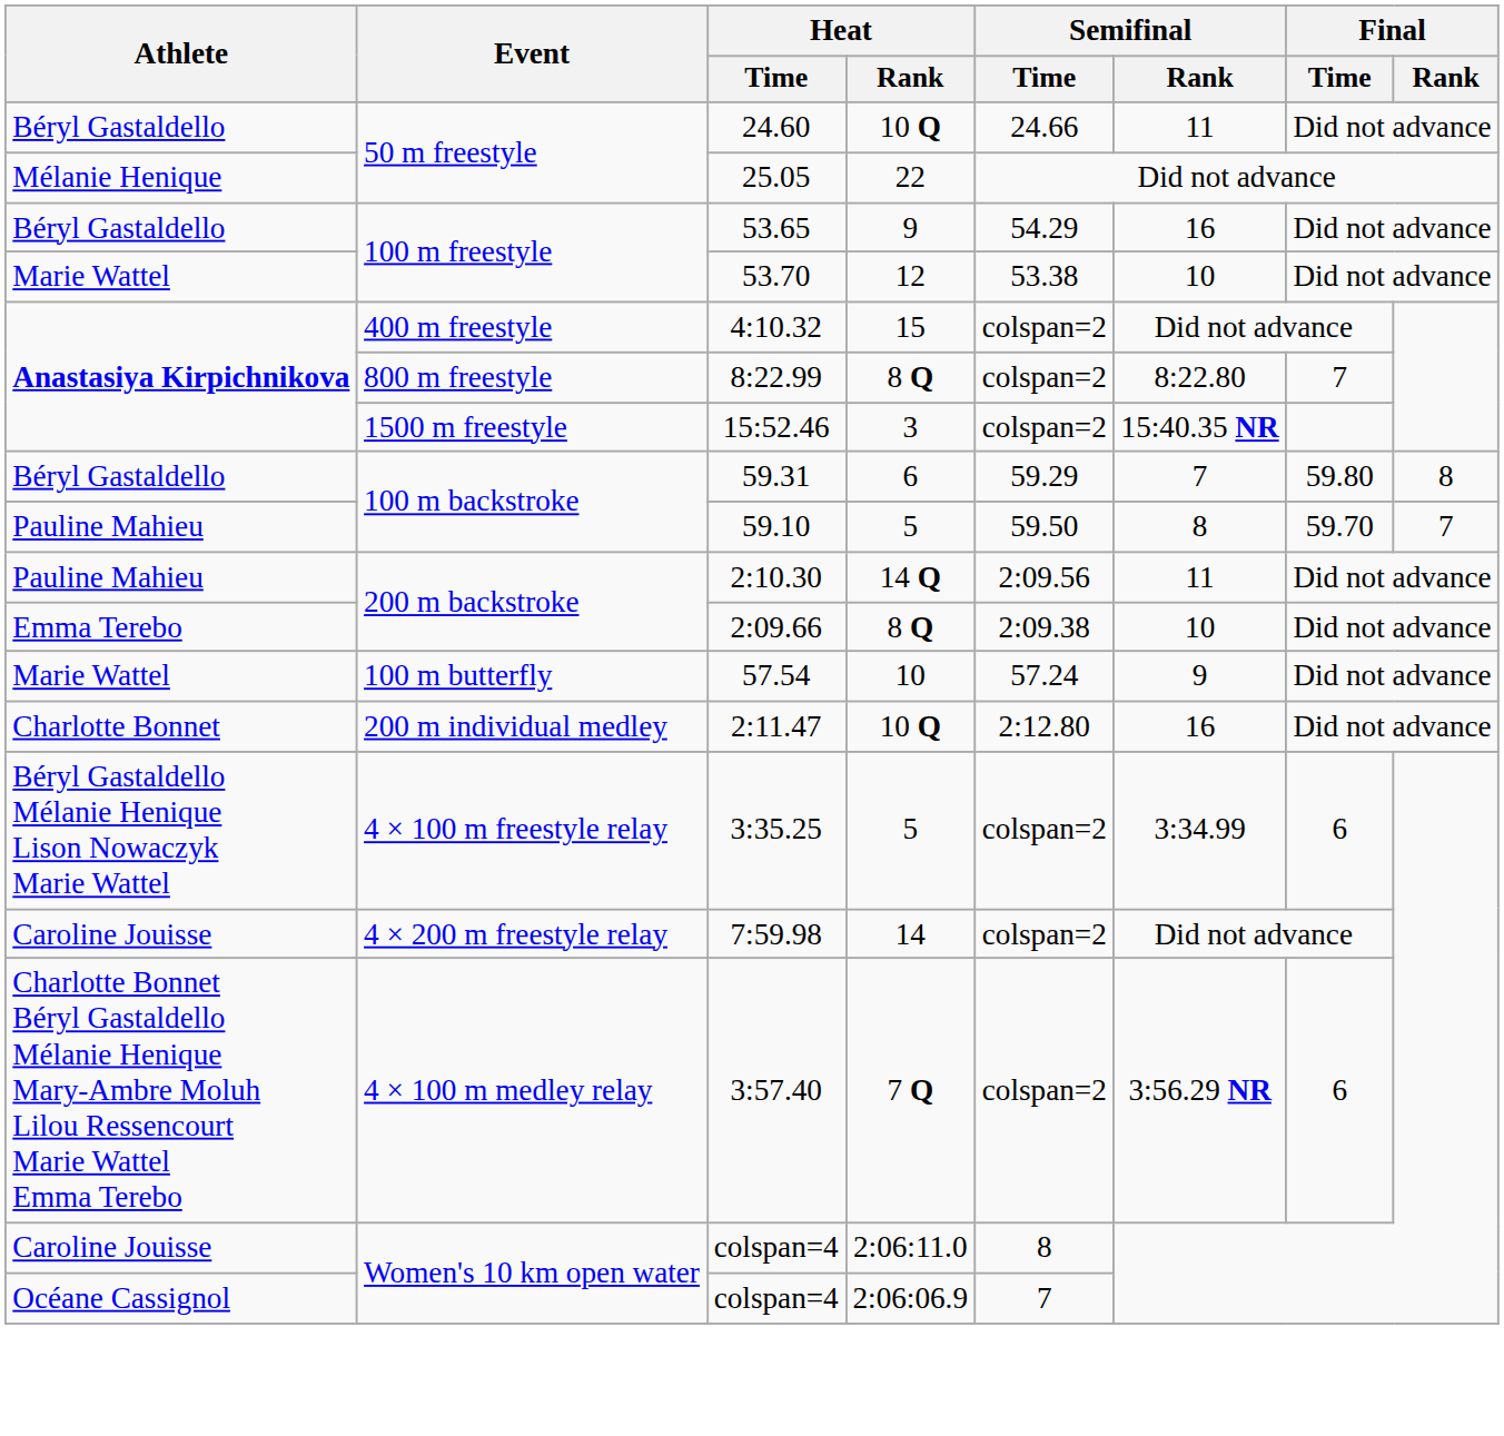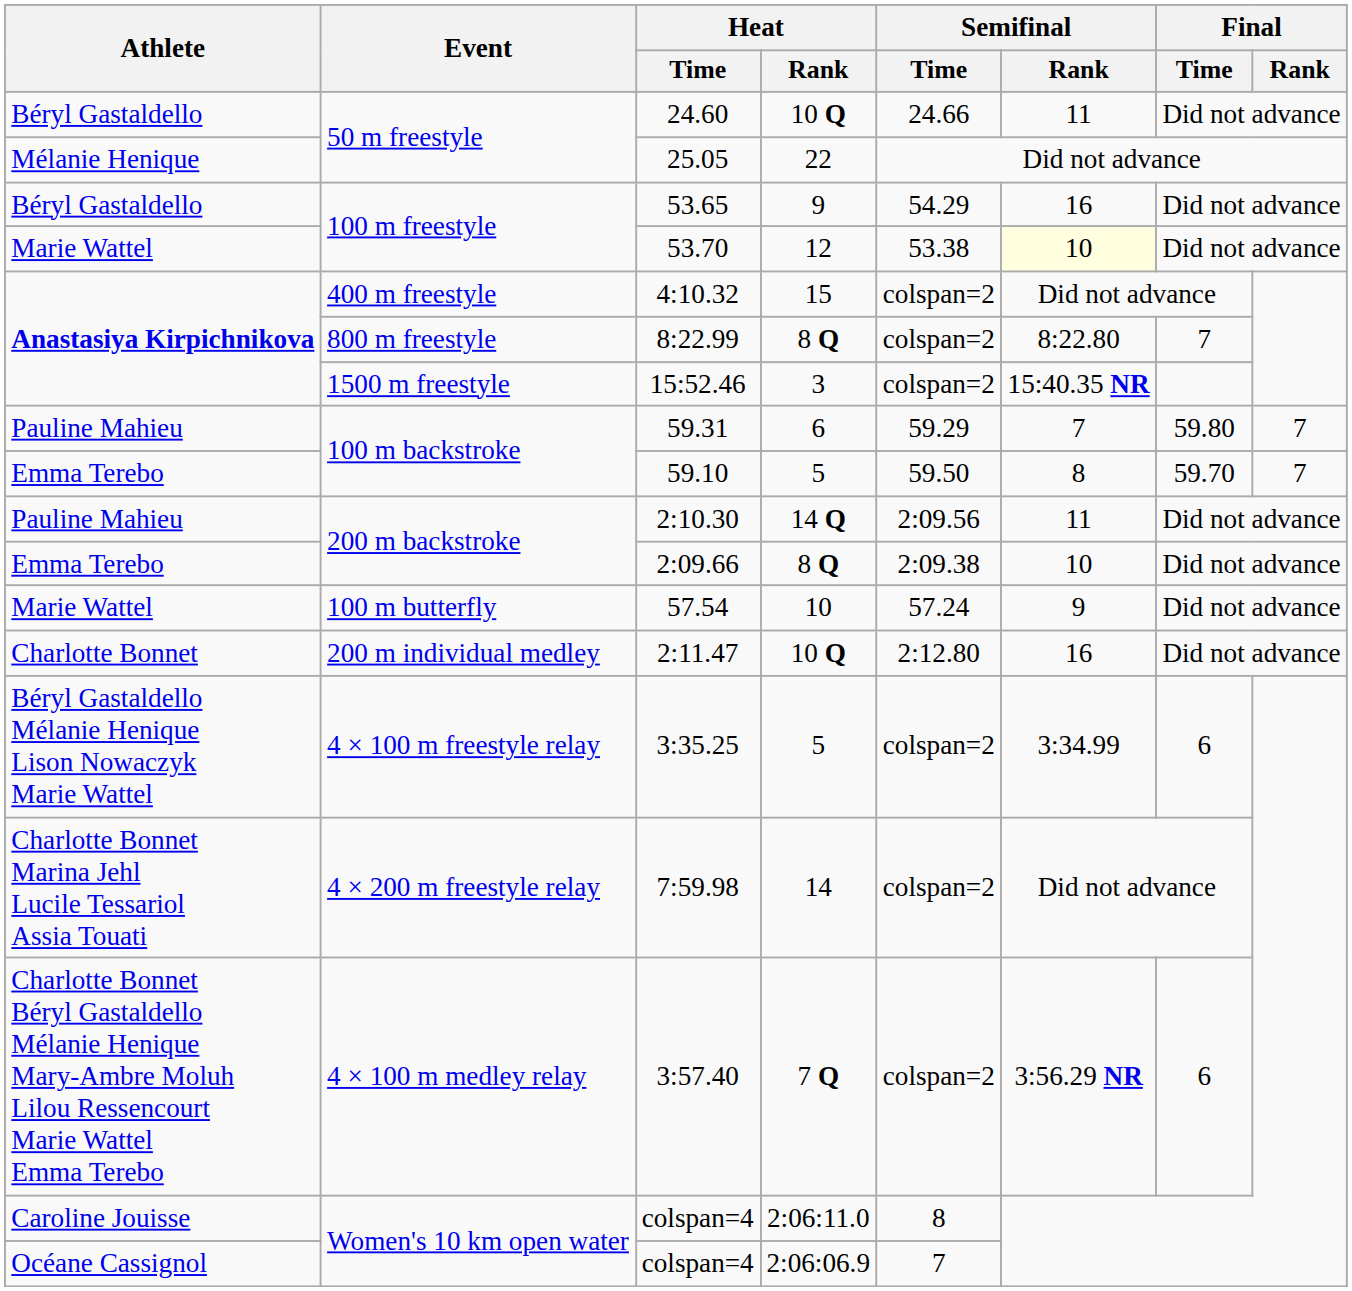 <table class=wikitable style="font-size:90%;">
 <tr>
 <th rowspan=2>Athlete</th>
 <th rowspan=2>Event</th>
 <th colspan=2>Heat</th>
 <th colspan=2>Semifinal</th>
 <th colspan=2>Final</th>
 </tr>
 <tr style="font-size:95%">
 <th>Time</th>
 <th>Rank</th>
 <th>Time</th>
 <th>Rank</th>
 <th>Time</th>
 <th>Rank</th>
 </tr>
 <tr align=center>
 <td align=left><a href='#'>Béryl Gastaldello</a></td>
 <td align=left rowspan=2><a href='#'>50 m freestyle</a></td>
 <td>24.60</td>
 <td>10 <strong>Q</strong></td>
 <td>24.66</td>
 <td>11</td>
 <td colspan="2">Did not advance</td>
 </tr>
 <tr align=center>
 <td align=left><a href='#'>Mélanie Henique</a></td>
 <td>25.05</td>
 <td>22</td>
 <td colspan="4">Did not advance</td>
 </tr>
 <tr align=center>
 <td align="left"><a href='#'>Béryl Gastaldello</a></td>
 <td align=left rowspan="2"><a href='#'>100 m freestyle</a></td>
 <td>53.65</td>
 <td>9</td>
 <td>54.29</td>
 <td>16</td>
 <td colspan="2'">Did not advance</td>
 </tr>
 <tr align=center>
 <td align=left><a href='#'>Marie Wattel</a></td>
 <td>53.70</td>
 <td>12</td>
 <td>53.38</td>
-<td>10</td>
+<td style="background: lightyellow;">10</td>
 <td colspan="2">Did not advance</td>
 </tr>
 <tr align=center>
 <td align=left rowspan=3><strong><a href='#'>Anastasiya Kirpichnikova</a></strong></td>
 <td align=left><a href='#'>400 m freestyle</a></td>
 <td>4:10.32</td>
 <td>15</td>
 <td>colspan=2 </td>
 <td colspan=2>Did not advance</td>
 </tr>
 <tr align=center>
 <td align=left><a href='#'>800 m freestyle</a></td>
 <td>8:22.99</td>
 <td>8 <strong>Q</strong></td>
 <td>colspan=2 </td>
 <td>8:22.80</td>
 <td>7</td>
 </tr>
 <tr align=center>
 <td align=left><a href='#'>1500 m freestyle</a></td>
 <td>15:52.46</td>
 <td>3</td>
 <td>colspan=2 </td>
 <td>15:40.35 <strong><a href='#'>NR</a></strong></td>
 <td></td>
 </tr>
 <tr align=center>
-<td align=left><a href='#'>Béryl Gastaldello</a></td>
+<td align=left><a href='#'>Pauline Mahieu</a></td>
 <td align=left rowspan=2><a href='#'>100 m backstroke</a></td>
 <td>59.31</td>
 <td>6</td>
 <td>59.29</td>
 <td>7</td>
 <td>59.80</td>
-<td>8</td>
+<td>7</td>
 </tr>
 <tr align=center>
-<td align=left><a href='#'>Pauline Mahieu</a></td>
+<td align=left><a href='#'>Emma Terebo</a></td>
 <td>59.10</td>
 <td>5</td>
 <td>59.50</td>
 <td>8</td>
 <td>59.70</td>
 <td>7</td>
 </tr>
 <tr align=center>
 <td align=left><a href='#'>Pauline Mahieu</a></td>
 <td align=left rowspan=2><a href='#'>200 m backstroke</a></td>
 <td>2:10.30</td>
 <td>14 <strong>Q</strong></td>
 <td>2:09.56</td>
 <td>11</td>
 <td colspan="2">Did not advance</td>
 </tr>
 <tr align=center>
 <td align=left><a href='#'>Emma Terebo</a></td>
 <td>2:09.66</td>
 <td>8 <strong>Q</strong></td>
 <td>2:09.38</td>
 <td>10</td>
 <td colspan="2">Did not advance</td>
 </tr>
 <tr align=center>
 <td align=left><a href='#'>Marie Wattel</a></td>
 <td align=left><a href='#'>100 m butterfly</a></td>
 <td>57.54</td>
 <td>10</td>
 <td>57.24</td>
 <td>9</td>
 <td colspan=2>Did not advance</td>
 </tr>
 <tr align=center>
 <td align=left><a href='#'>Charlotte Bonnet</a></td>
 <td align=left><a href='#'>200 m individual medley</a></td>
 <td>2:11.47</td>
 <td>10 <strong>Q</strong></td>
 <td>2:12.80</td>
 <td>16</td>
 <td colspan="2">Did not advance</td>
 </tr>
 <tr align=center>
 <td align=left><a href='#'>Béryl Gastaldello</a><br><a href='#'>Mélanie Henique</a><br><a href='#'>Lison Nowaczyk</a><br><a href='#'>Marie Wattel</a></td>
 <td align=left><a href='#'>4 × 100 m freestyle relay</a></td>
 <td>3:35.25</td>
 <td>5</td>
 <td>colspan=2 </td>
 <td>3:34.99</td>
 <td>6</td>
 </tr>
 <tr align=center>
-<td align=left><a href='#'>Caroline Jouisse</a></td>
+<td align=left><a href='#'>Charlotte Bonnet</a><br><a href='#'>Marina Jehl</a><br><a href='#'>Lucile Tessariol</a><br><a href='#'>Assia Touati</a></td>
 <td align=left><a href='#'>4 × 200 m freestyle relay</a></td>
 <td>7:59.98</td>
 <td>14</td>
 <td>colspan=2 </td>
 <td colspan=2>Did not advance</td>
 </tr>
 <tr align=center>
 <td align=left><a href='#'>Charlotte Bonnet</a><br><a href='#'>Béryl Gastaldello</a><br><a href='#'>Mélanie Henique</a><br><a href='#'>Mary-Ambre Moluh</a><br><a href='#'>Lilou Ressencourt</a><br><a href='#'>Marie Wattel</a><br><a href='#'>Emma Terebo</a></td>
 <td align=left><a href='#'>4 × 100 m medley relay</a></td>
 <td>3:57.40</td>
 <td>7 <strong>Q</strong></td>
 <td>colspan=2 </td>
 <td>3:56.29 <strong><a href='#'>NR</a></strong></td>
 <td>6</td>
 </tr>
 <tr align=center>
 <td align=left><a href='#'>Caroline Jouisse</a></td>
 <td align=left rowspan=2><a href='#'>Women's 10 km open water</a></td>
 <td>colspan=4 </td>
 <td>2:06:11.0</td>
 <td>8</td>
 </tr>
 <tr align=center>
 <td align=left><a href='#'>Océane Cassignol</a></td>
 <td>colspan=4 </td>
 <td>2:06:06.9</td>
 <td>7</td>
 </tr>
 </table>
